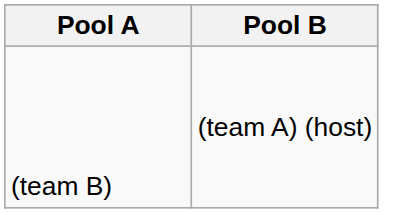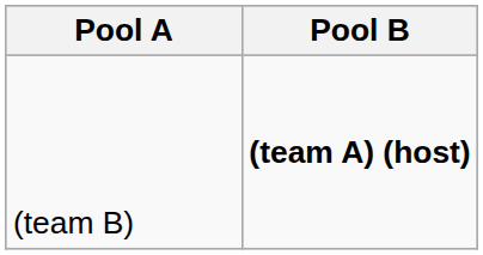 <table class="wikitable">
 <tr>
 <th width=50%>Pool A</th>
 <th width=50%>Pool B</th>
 </tr>
 <tr>
 <td><br> <br>  <br> <br>  (team B)</td>
-<td><br> (team A) (host)<br>  <br> </td>
+<td><strong><br> (team A) (host)<br>  <br> </strong></td>
 </tr>
 </table>
